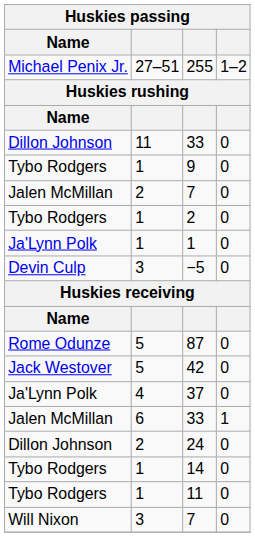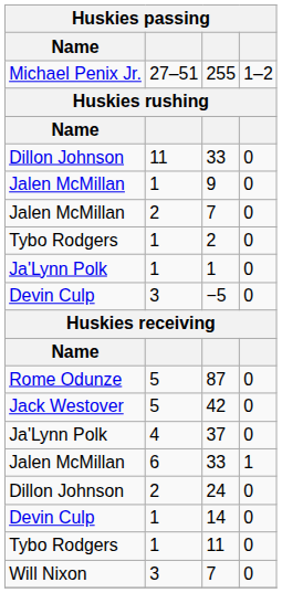 <table class="wikitable plainrowheaders">
 <tr>
 <th colspan="6">Huskies passing</th>
 </tr>
 <tr>
 <th scope="col">Name</th>
 <th scope="col"></th>
 <th scope="col"></th>
 <th scope="col"></th>
 </tr>
 <tr>
 <td><a href='#'>Michael Penix Jr.</a></td>
 <td>27–51</td>
 <td>255</td>
 <td>1–2</td>
 </tr>
 <tr>
 <th colspan="6">Huskies rushing</th>
 </tr>
 <tr>
 <th scope="col">Name</th>
 <th scope="col"></th>
 <th scope="col"></th>
 <th scope="col"></th>
 </tr>
 <tr>
 <td><a href='#'>Dillon Johnson</a></td>
 <td>11</td>
 <td>33</td>
 <td>0</td>
 </tr>
 <tr>
-<td>Tybo Rodgers</td>
+<td><a href='#'>Jalen McMillan</a></td>
 <td>1</td>
 <td>9</td>
 <td>0</td>
 </tr>
 <tr>
 <td>Jalen McMillan</td>
 <td>2</td>
 <td>7</td>
 <td>0</td>
 </tr>
 <tr>
 <td>Tybo Rodgers</td>
 <td>1</td>
 <td>2</td>
 <td>0</td>
 </tr>
 <tr>
 <td><a href='#'>Ja'Lynn Polk</a></td>
 <td>1</td>
 <td>1</td>
 <td>0</td>
 </tr>
 <tr>
 <td><a href='#'>Devin Culp</a></td>
 <td>3</td>
 <td>−5</td>
 <td>0</td>
 </tr>
 <tr>
 <th colspan="6">Huskies receiving</th>
 </tr>
 <tr>
 <th scope="col">Name</th>
 <th scope="col"></th>
 <th scope="col"></th>
 <th scope="col"></th>
 </tr>
 <tr>
 <td><a href='#'>Rome Odunze</a></td>
 <td>5</td>
 <td>87</td>
 <td>0</td>
 </tr>
 <tr>
 <td><a href='#'>Jack Westover</a></td>
 <td>5</td>
 <td>42</td>
 <td>0</td>
 </tr>
 <tr>
 <td>Ja'Lynn Polk</td>
 <td>4</td>
 <td>37</td>
 <td>0</td>
 </tr>
 <tr>
 <td>Jalen McMillan</td>
 <td>6</td>
 <td>33</td>
 <td>1</td>
 </tr>
 <tr>
 <td>Dillon Johnson</td>
 <td>2</td>
 <td>24</td>
 <td>0</td>
 </tr>
 <tr>
-<td>Tybo Rodgers</td>
+<td><a href='#'>Devin Culp</a></td>
 <td>1</td>
 <td>14</td>
 <td>0</td>
 </tr>
 <tr>
 <td>Tybo Rodgers</td>
 <td>1</td>
 <td>11</td>
 <td>0</td>
 </tr>
 <tr>
 <td>Will Nixon</td>
 <td>3</td>
 <td>7</td>
 <td>0</td>
 </tr>
 <tr>
 </tr>
 </table>
